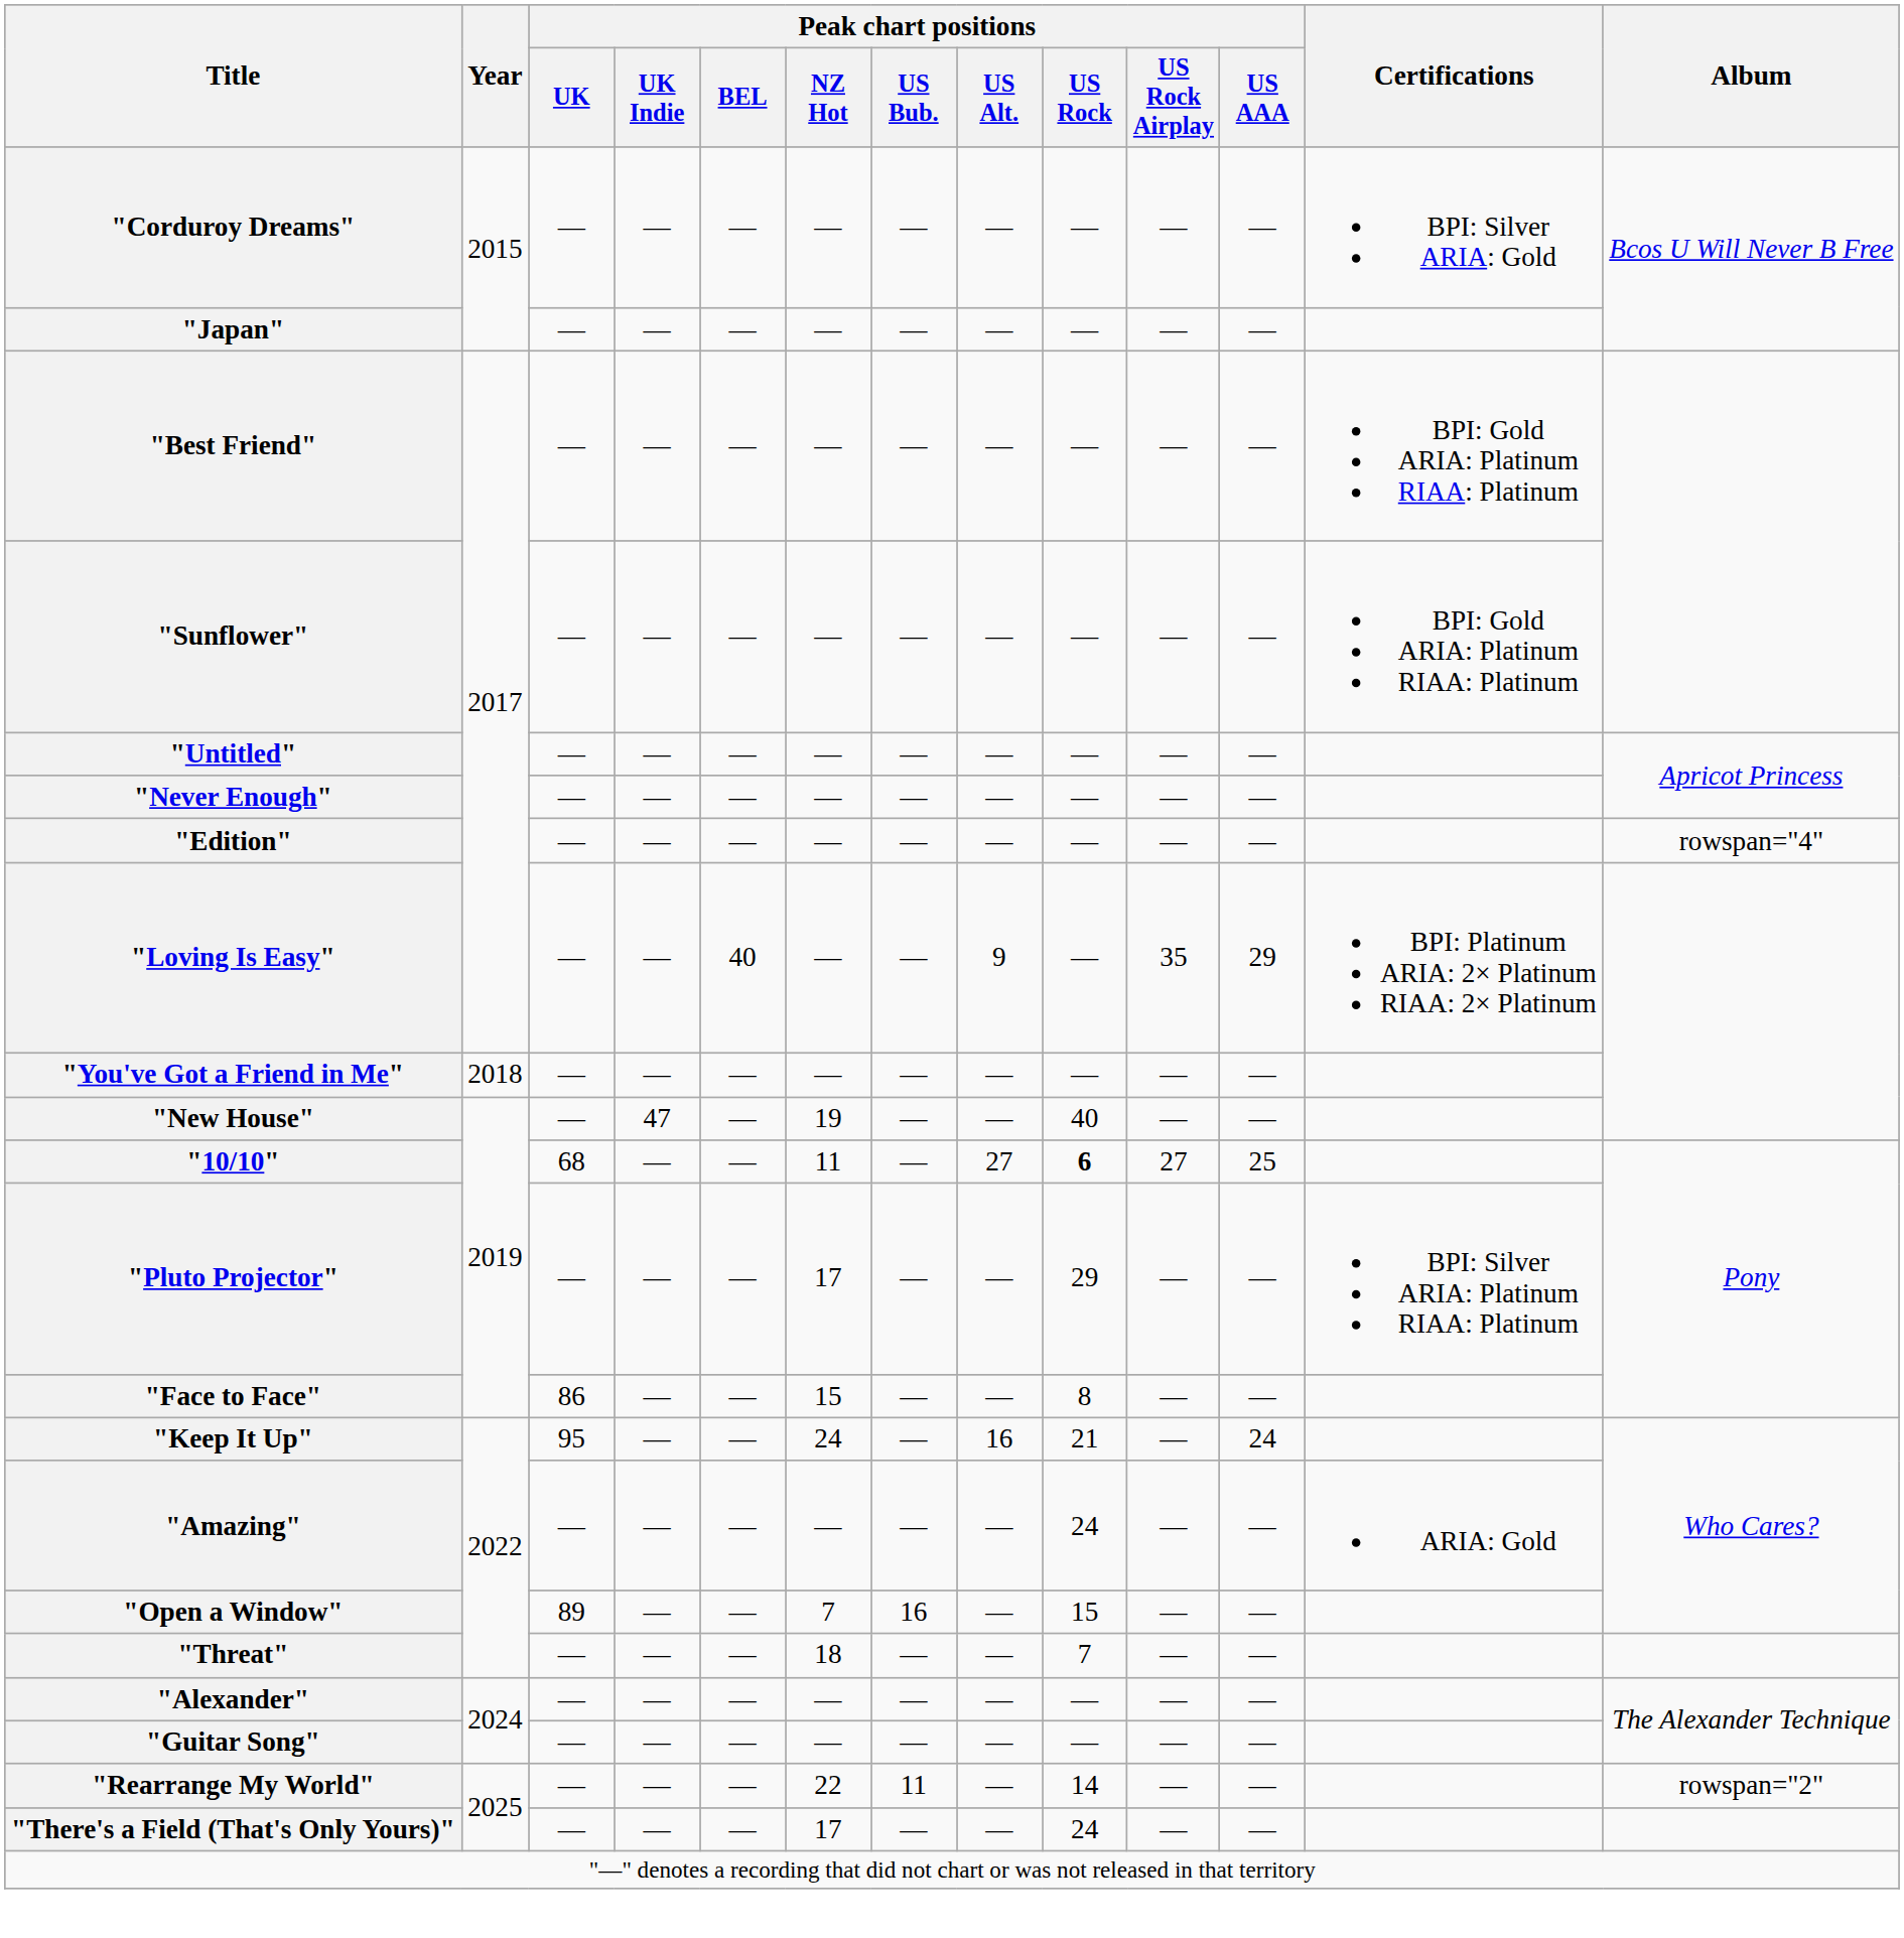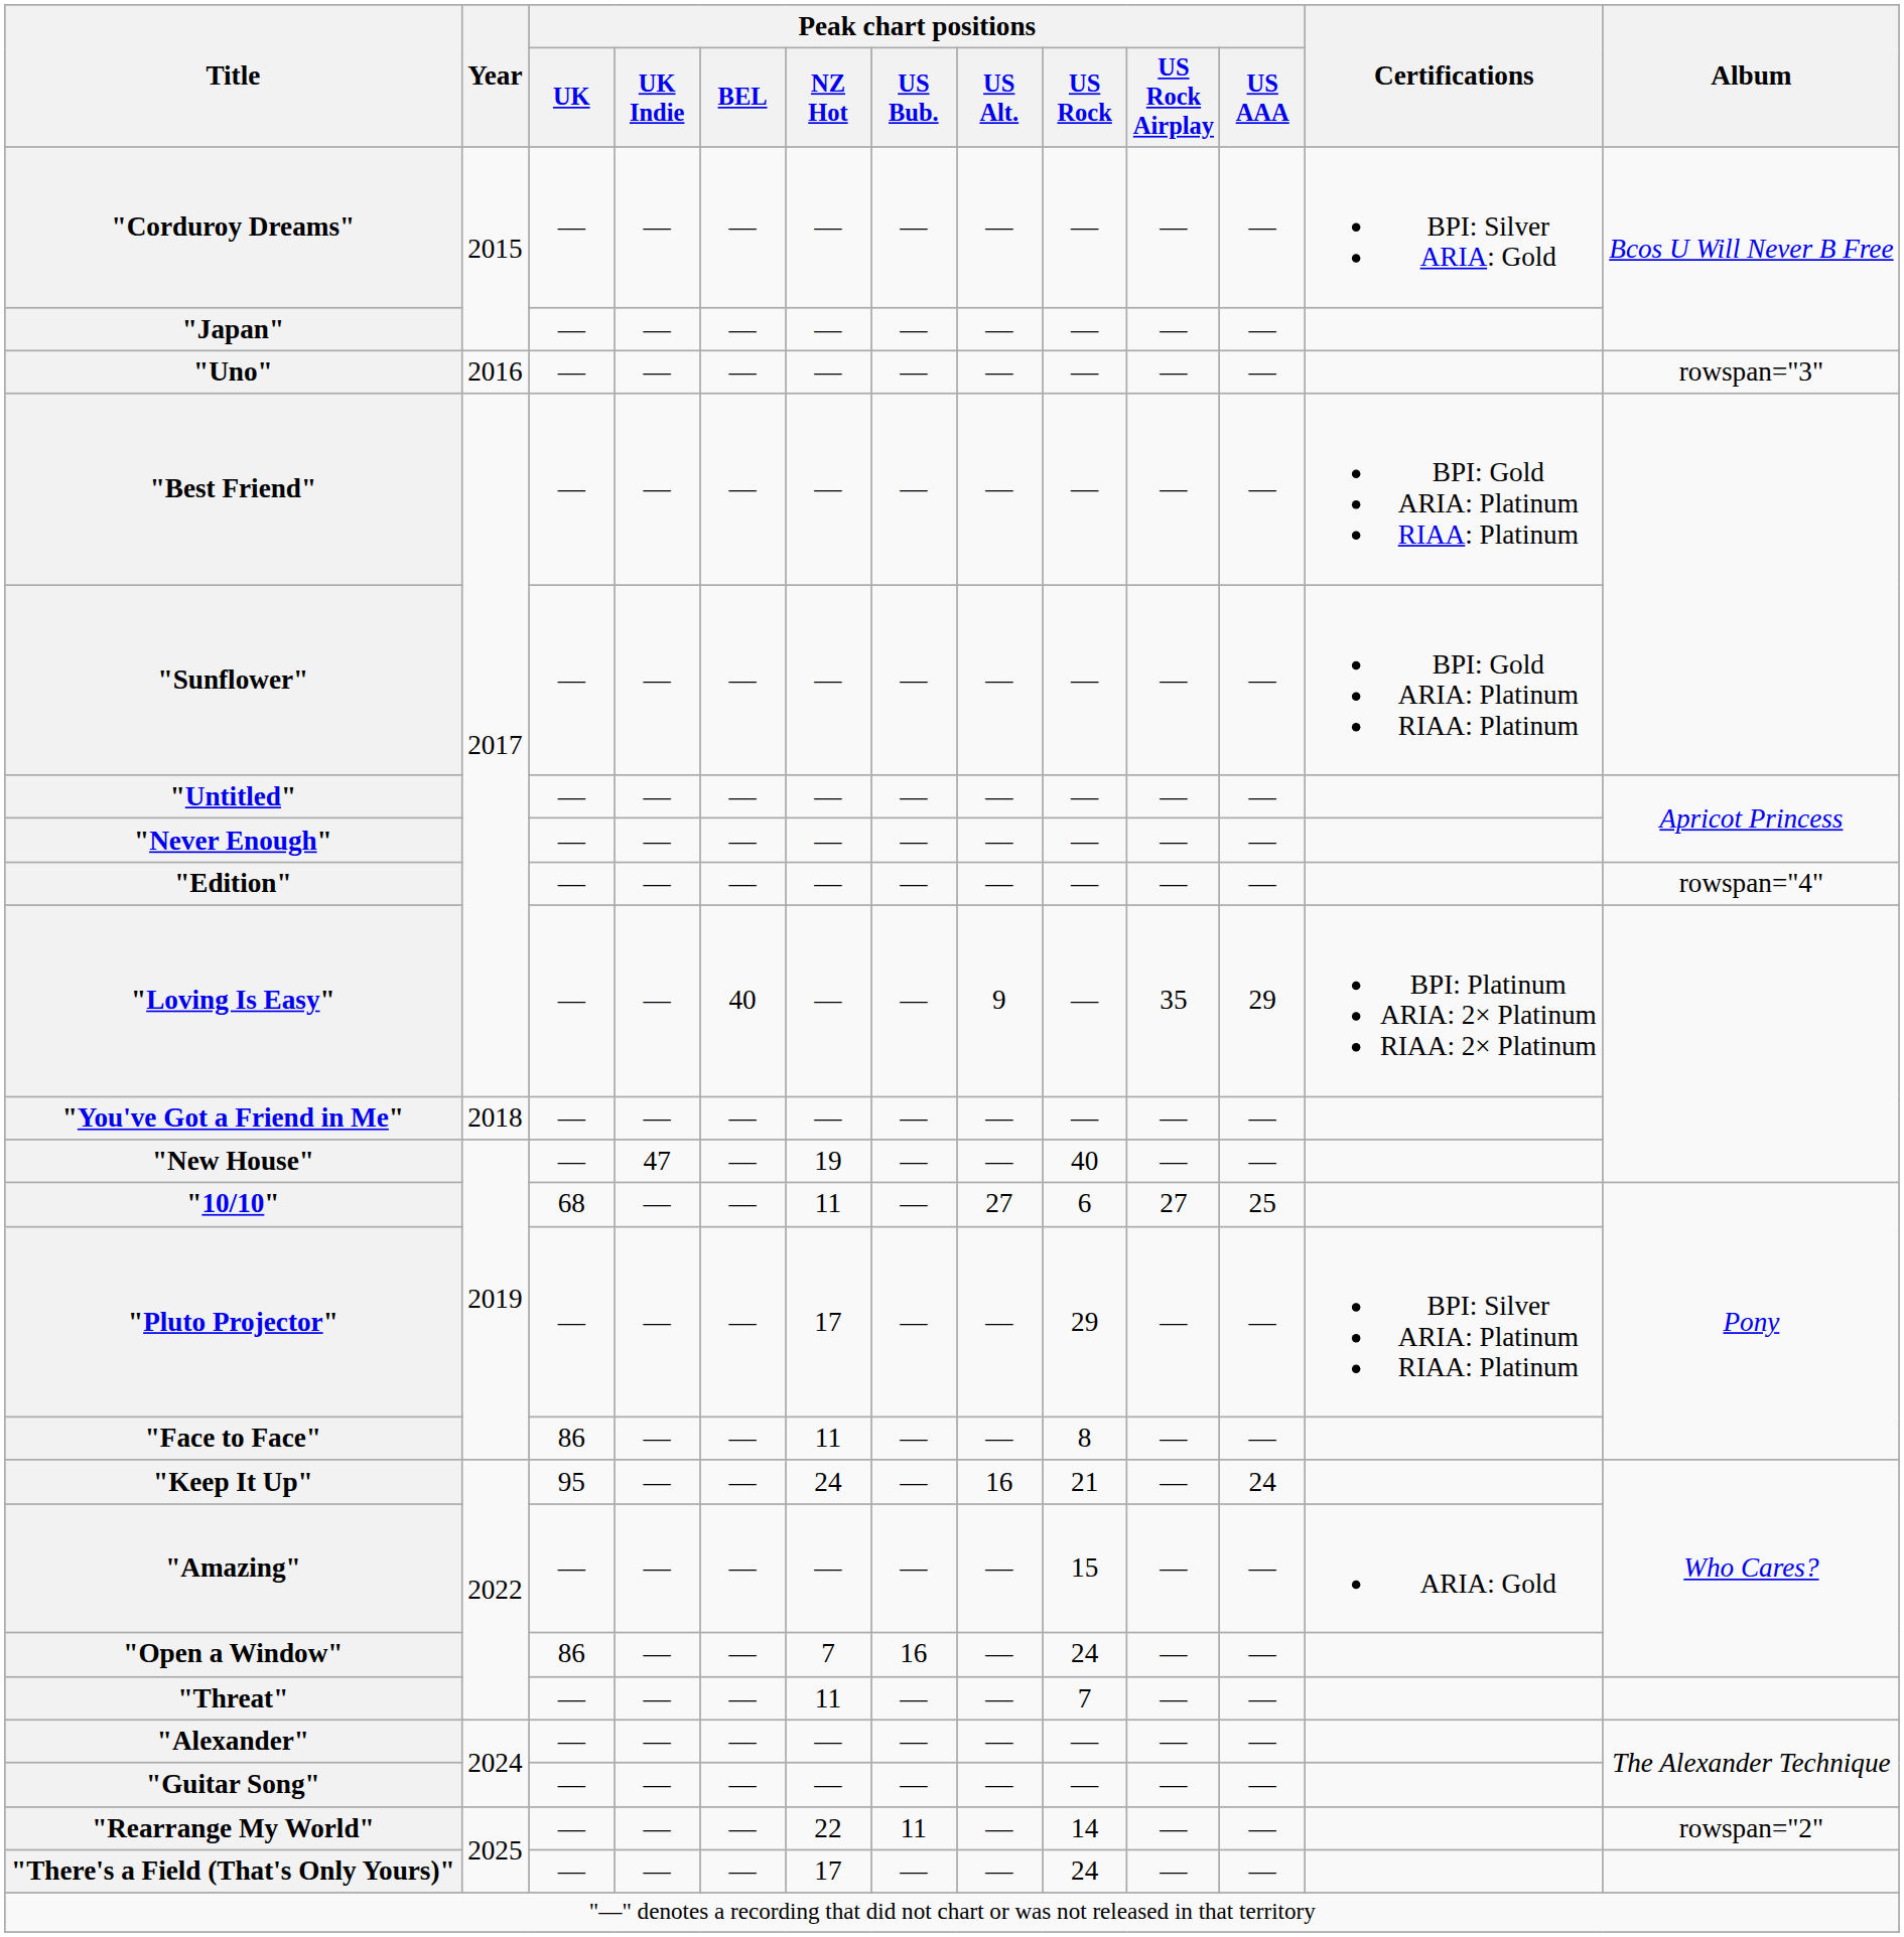 <table class="wikitable plainrowheaders" style="text-align:center;">
 <tr>
 <th scope="col" rowspan="2">Title</th>
 <th scope="col" rowspan="2">Year</th>
 <th scope="col" colspan="9">Peak chart positions</th>
 <th scope="col" rowspan="2">Certifications</th>
 <th scope="col" rowspan="2">Album</th>
 </tr>
 <tr>
 <th scope="col" style="width:3em;font-size:90%;"><a href='#'>UK</a><br></th>
 <th scope="col" style="width:3em;font-size:90%;"><a href='#'>UK<br>Indie</a><br></th>
 <th scope="col" style="width:3em;font-size:90%;"><a href='#'>BEL</a><br></th>
 <th scope="col" style="width:3em;font-size:90%;"><a href='#'>NZ<br>Hot</a><br></th>
 <th scope="col" style="width:3em;font-size:90%;"><a href='#'>US<br>Bub.</a><br></th>
 <th scope="col" style="width:3em;font-size:90%;"><a href='#'>US<br>Alt.</a><br></th>
 <th scope="col" style="width:3em;font-size:90%;"><a href='#'>US<br>Rock</a><br></th>
 <th scope="col" style="width:3em;font-size:90%;"><a href='#'>US<br>Rock<br>Airplay</a><br></th>
 <th scope="col" style="width:3em;font-size:90%;"><a href='#'>US<br>AAA</a><br></th>
 </tr>
 <tr>
 <th scope="row">"Corduroy Dreams"</th>
 <td rowspan="2">2015</td>
 <td>—</td>
 <td>—</td>
 <td>—</td>
 <td>—</td>
 <td>—</td>
 <td>—</td>
 <td>—</td>
 <td>—</td>
 <td>—</td>
 <td><br><ul><li>BPI: Silver</li><li><a href='#'>ARIA</a>: Gold</li></ul></td>
 <td rowspan="2"><em><a href='#'>Bcos U Will Never B Free</a></em></td>
 </tr>
 <tr>
 <th scope="row">"Japan"</th>
 <td>—</td>
 <td>—</td>
 <td>—</td>
 <td>—</td>
 <td>—</td>
 <td>—</td>
 <td>—</td>
 <td>—</td>
 <td>—</td>
 <td></td>
+</tr>
+<tr>
+<th scope="row">"Uno"</th>
+<td>2016</td>
+<td>—</td>
+<td>—</td>
+<td>—</td>
+<td>—</td>
+<td>—</td>
+<td>—</td>
+<td>—</td>
+<td>—</td>
+<td>—</td>
+<td></td>
+<td>rowspan="3" </td>
 </tr>
 <tr>
 <th scope="row">"Best Friend"</th>
 <td rowspan="6">2017</td>
 <td>—</td>
 <td>—</td>
 <td>—</td>
 <td>—</td>
 <td>—</td>
 <td>—</td>
 <td>—</td>
 <td>—</td>
 <td>—</td>
 <td><br><ul><li>BPI: Gold</li><li>ARIA: Platinum</li><li><a href='#'>RIAA</a>: Platinum</li></ul></td>
 </tr>
 <tr>
 <th scope="row">"Sunflower"</th>
 <td>—</td>
 <td>—</td>
 <td>—</td>
 <td>—</td>
 <td>—</td>
 <td>—</td>
 <td>—</td>
 <td>—</td>
 <td>—</td>
 <td><br><ul><li>BPI: Gold</li><li>ARIA: Platinum</li><li>RIAA: Platinum</li></ul></td>
 </tr>
 <tr>
 <th scope="row">"<a href='#'>Untitled</a>"</th>
 <td>—</td>
 <td>—</td>
 <td>—</td>
 <td>—</td>
 <td>—</td>
 <td>—</td>
 <td>—</td>
 <td>—</td>
 <td>—</td>
 <td></td>
 <td rowspan="2"><em><a href='#'>Apricot Princess</a></em></td>
 </tr>
 <tr>
 <th scope="row">"<a href='#'>Never Enough</a>"</th>
 <td>—</td>
 <td>—</td>
 <td>—</td>
 <td>—</td>
 <td>—</td>
 <td>—</td>
 <td>—</td>
 <td>—</td>
 <td>—</td>
 <td></td>
 </tr>
 <tr>
 <th scope="row">"Edition"</th>
 <td>—</td>
 <td>—</td>
 <td>—</td>
 <td>—</td>
 <td>—</td>
 <td>—</td>
 <td>—</td>
 <td>—</td>
 <td>—</td>
 <td></td>
 <td>rowspan="4" </td>
 </tr>
 <tr>
 <th scope="row">"<a href='#'>Loving Is Easy</a>"<br></th>
 <td>—</td>
 <td>—</td>
 <td>40</td>
 <td>—</td>
 <td>—</td>
 <td>9</td>
 <td>—</td>
 <td>35</td>
 <td>29</td>
 <td><br><ul><li>BPI: Platinum</li><li>ARIA: 2× Platinum</li><li>RIAA: 2× Platinum</li></ul></td>
 </tr>
 <tr>
 <th scope="row">"<a href='#'>You've Got a Friend in Me</a>"<br></th>
 <td>2018</td>
 <td>—</td>
 <td>—</td>
 <td>—</td>
 <td>—</td>
 <td>—</td>
 <td>—</td>
 <td>—</td>
 <td>—</td>
 <td>—</td>
 <td></td>
 </tr>
 <tr>
 <th scope="row">"New House"</th>
 <td rowspan="4">2019</td>
 <td>—</td>
 <td>47</td>
 <td>—</td>
 <td>19</td>
 <td>—</td>
 <td>—</td>
 <td>40</td>
 <td>—</td>
 <td>—</td>
 <td></td>
 </tr>
 <tr>
 <th scope="row">"<a href='#'>10/10</a>"</th>
 <td>68</td>
 <td>—</td>
 <td>—</td>
 <td>11</td>
 <td>—</td>
 <td>27</td>
-<td><strong>6</strong></td>
+<td>6</td>
 <td>27</td>
 <td>25</td>
 <td></td>
 <td rowspan="3"><em><a href='#'>Pony</a></em></td>
 </tr>
 <tr>
 <th scope="row">"<a href='#'>Pluto Projector</a>"</th>
 <td>—</td>
 <td>—</td>
 <td>—</td>
 <td>17</td>
 <td>—</td>
 <td>—</td>
 <td>29</td>
 <td>—</td>
 <td>—</td>
 <td><br><ul><li>BPI: Silver</li><li>ARIA: Platinum</li><li>RIAA: Platinum</li></ul></td>
 </tr>
 <tr>
 <th scope="row">"Face to Face"</th>
 <td>86</td>
 <td>—</td>
 <td>—</td>
-<td>15</td>
+<td>11</td>
 <td>—</td>
 <td>—</td>
 <td>8</td>
 <td>—</td>
 <td>—</td>
 <td></td>
 </tr>
 <tr>
 <th scope="row">"Keep It Up"</th>
 <td rowspan="4">2022</td>
 <td>95</td>
 <td>—</td>
 <td>—</td>
 <td>24</td>
 <td>—</td>
 <td>16</td>
 <td>21</td>
 <td>—</td>
 <td>24</td>
 <td></td>
 <td rowspan="3"><em><a href='#'>Who Cares?</a></em></td>
 </tr>
 <tr>
 <th scope="row">"Amazing"</th>
 <td>—</td>
 <td>—</td>
 <td>—</td>
 <td>—</td>
 <td>—</td>
 <td>—</td>
-<td>24</td>
+<td>15</td>
 <td>—</td>
 <td>—</td>
 <td><br><ul><li>ARIA: Gold</li></ul></td>
 </tr>
 <tr>
 <th scope="row">"Open a Window" <br> </th>
-<td>89</td>
+<td>86</td>
 <td>—</td>
 <td>—</td>
 <td>7</td>
 <td>16</td>
 <td>—</td>
-<td>15</td>
+<td>24</td>
 <td>—</td>
 <td>—</td>
 <td></td>
 </tr>
 <tr>
 <th scope="row">"Threat"</th>
 <td>—</td>
 <td>—</td>
 <td>—</td>
-<td>18</td>
+<td>11</td>
 <td>—</td>
 <td>—</td>
 <td>7</td>
 <td>—</td>
 <td>—</td>
 <td></td>
 <td></td>
 </tr>
 <tr>
 <th scope="row">"Alexander"</th>
 <td rowspan="2">2024</td>
 <td>—</td>
 <td>—</td>
 <td>—</td>
 <td>—</td>
 <td>—</td>
 <td>—</td>
 <td>—</td>
 <td>—</td>
 <td>—</td>
 <td></td>
 <td rowspan="2"><em>The Alexander Technique</em></td>
 </tr>
 <tr>
 <th scope="row">"Guitar Song"</th>
 <td>—</td>
 <td>—</td>
 <td>—</td>
 <td>—</td>
 <td>—</td>
 <td>—</td>
 <td>—</td>
 <td>—</td>
 <td>—</td>
 <td></td>
 </tr>
 <tr>
 <th scope="row">"Rearrange My World"<br></th>
 <td rowspan="2">2025</td>
 <td>—</td>
 <td>—</td>
 <td>—</td>
 <td>22</td>
 <td>11</td>
 <td>—</td>
 <td>14</td>
 <td>—</td>
 <td>—</td>
 <td></td>
 <td>rowspan="2" </td>
 </tr>
 <tr>
 <th scope="row">"There's a Field (That's Only Yours)"<br></th>
 <td>—</td>
 <td>—</td>
 <td>—</td>
 <td>17</td>
 <td>—</td>
 <td>—</td>
 <td>24</td>
 <td>—</td>
 <td>—</td>
 <td></td>
 </tr>
 <tr>
 <td colspan="13" style="font-size:85%">"—" denotes a recording that did not chart or was not released in that territory</td>
 </tr>
 </table>
